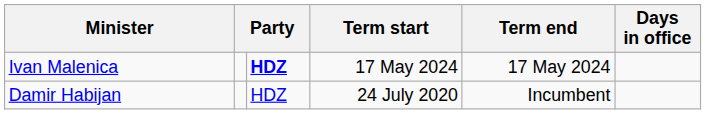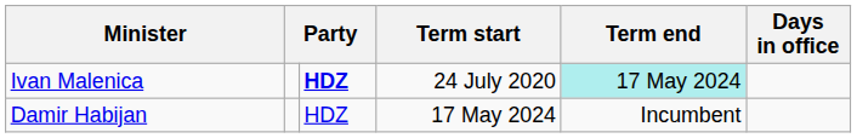 <table class="wikitable" style="text-align: left;">
 <tr>
 <th width="200">Minister</th>
 <th colspan=2 width="60">Party</th>
 <th width="130">Term start</th>
 <th width="130">Term end</th>
 <th width=70>Days<br> in office</th>
 </tr>
 <tr>
 <td><a href='#'>Ivan Malenica</a></td>
 <td style="background-color: "></td>
 <td><strong><a href='#'>HDZ</a></strong></td>
-<td align=right>17 May 2024</td>
-<td align=right>17 May 2024</td>
+<td align=right>24 July 2020</td>
+<td align=right style="background: paleturquoise;">17 May 2024</td>
 <td align=right></td>
 </tr>
 <tr>
 <td><a href='#'>Damir Habijan</a></td>
 <td style="background-color: "></td>
 <td><a href='#'>HDZ</a></td>
-<td align=right>24 July 2020</td>
+<td align=right>17 May 2024</td>
 <td align=right>Incumbent</td>
 <td align=right></td>
 </tr>
 </table>
